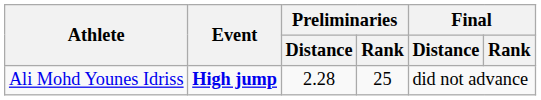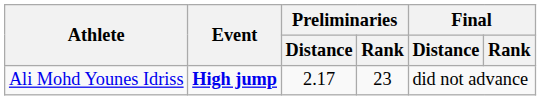 <table class=wikitable style="font-size:90%;">
 <tr>
 <th rowspan=2>Athlete</th>
 <th rowspan=2>Event</th>
 <th colspan=2>Preliminaries</th>
 <th colspan=2>Final</th>
 </tr>
 <tr>
 <th>Distance</th>
 <th>Rank</th>
 <th>Distance</th>
 <th>Rank</th>
 </tr>
 <tr>
 <td><a href='#'>Ali Mohd Younes Idriss</a></td>
 <td align="center"><strong><a href='#'>High jump</a></strong></td>
-<td align="center">2.28</td>
-<td align="center">25</td>
+<td align="center">2.17</td>
+<td align="center">23</td>
 <td colspan=2>did not advance</td>
 </tr>
 </table>
